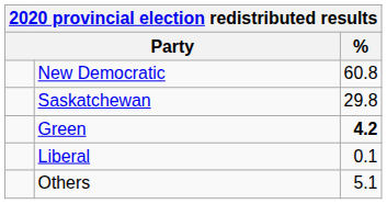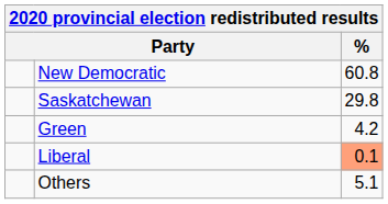 <table class="wikitable">
 <tr>
 <th colspan="4"><a href='#'>2020 provincial election</a> redistributed results</th>
 </tr>
 <tr>
 <th bgcolor="#DDDDFF" width="130px" colspan="2">Party</th>
 <th bgcolor="#DDDDFF" width="30px">%</th>
 </tr>
 <tr>
 <td> </td>
 <td><a href='#'>New Democratic</a></td>
 <td align=right>60.8</td>
 </tr>
 <tr>
 <td> </td>
 <td><a href='#'>Saskatchewan</a></td>
 <td align=right>29.8</td>
 </tr>
 <tr>
 <td> </td>
 <td><a href='#'>Green</a></td>
-<td align=right><strong>4.2</strong></td>
+<td align=right>4.2</td>
 </tr>
 <tr>
 <td> </td>
 <td><a href='#'>Liberal</a></td>
-<td align=right>0.1</td>
+<td align=right style="background: lightsalmon;">0.1</td>
 </tr>
 <tr>
 <td> </td>
 <td>Others</td>
 <td align=right>5.1</td>
 </tr>
 </table>
